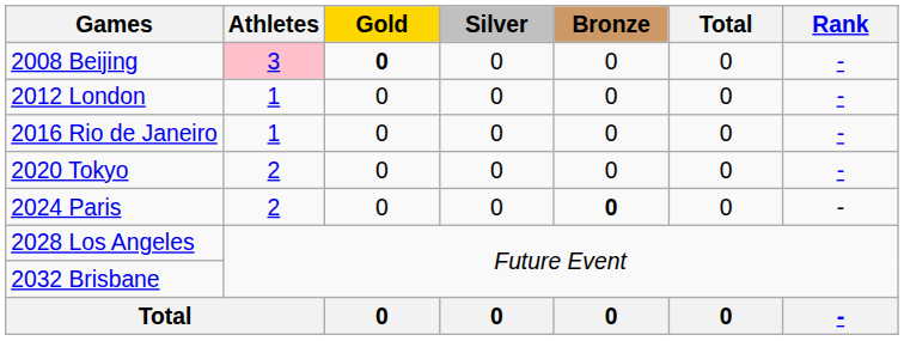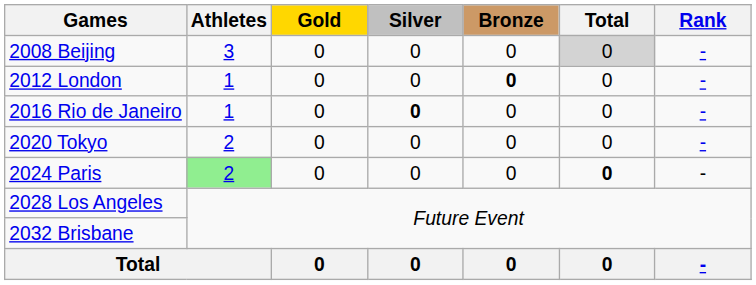 <table class="wikitable" style="text-align:center; font-size:90%;">
 <tr>
 <th>Games</th>
 <th>Athletes</th>
 <td style="background:gold; width:4.5em; font-weight:bold;">Gold</td>
 <td style="background:silver; width:4.5em; font-weight:bold;">Silver</td>
 <td style="background:#cc9966; width:4.5em; font-weight:bold;">Bronze</td>
 <th style="width:4.5em; font-weight:bold;">Total</th>
 <th style="width:4.5em; font-weight:bold;"><a href='#'>Rank</a></th>
 </tr>
 <tr>
 <td align=left><a href='#'>2008 Beijing</a></td>
-<td style="background: pink;"><a href='#'>3</a></td>
-<td><strong>0</strong></td>
+<td><a href='#'>3</a></td>
 <td>0</td>
 <td>0</td>
 <td>0</td>
+<td style="background: lightgrey;">0</td>
 <td><a href='#'>-</a></td>
 </tr>
 <tr>
 <td align=left><a href='#'>2012 London</a></td>
 <td><a href='#'>1</a></td>
 <td>0</td>
 <td>0</td>
-<td>0</td>
+<td><strong>0</strong></td>
 <td>0</td>
 <td><a href='#'>-</a></td>
 </tr>
 <tr>
 <td align=left><a href='#'>2016 Rio de Janeiro</a></td>
 <td><a href='#'>1</a></td>
 <td>0</td>
-<td>0</td>
+<td><strong>0</strong></td>
 <td>0</td>
 <td>0</td>
 <td><a href='#'>-</a></td>
 </tr>
 <tr>
 <td align=left><a href='#'>2020 Tokyo</a></td>
 <td><a href='#'>2</a></td>
 <td>0</td>
 <td>0</td>
 <td>0</td>
 <td>0</td>
 <td><a href='#'>-</a></td>
 </tr>
 <tr>
 <td align=left><a href='#'>2024 Paris</a></td>
-<td><a href='#'>2</a></td>
+<td style="background: lightgreen;"><a href='#'>2</a></td>
+<td>0</td>
 <td>0</td>
 <td>0</td>
 <td><strong>0</strong></td>
-<td>0</td>
 <td>-</td>
 </tr>
 <tr>
 <td align=left><a href='#'>2028 Los Angeles</a></td>
 <td colspan="6" rowspan="2"><em>Future Event</em></td>
 </tr>
 <tr>
 <td align=left><a href='#'>2032 Brisbane</a></td>
 </tr>
 <tr>
 <th colspan=2>Total</th>
 <th>0</th>
 <th>0</th>
 <th>0</th>
 <th>0</th>
 <th><a href='#'>-</a></th>
 </tr>
 </table>
